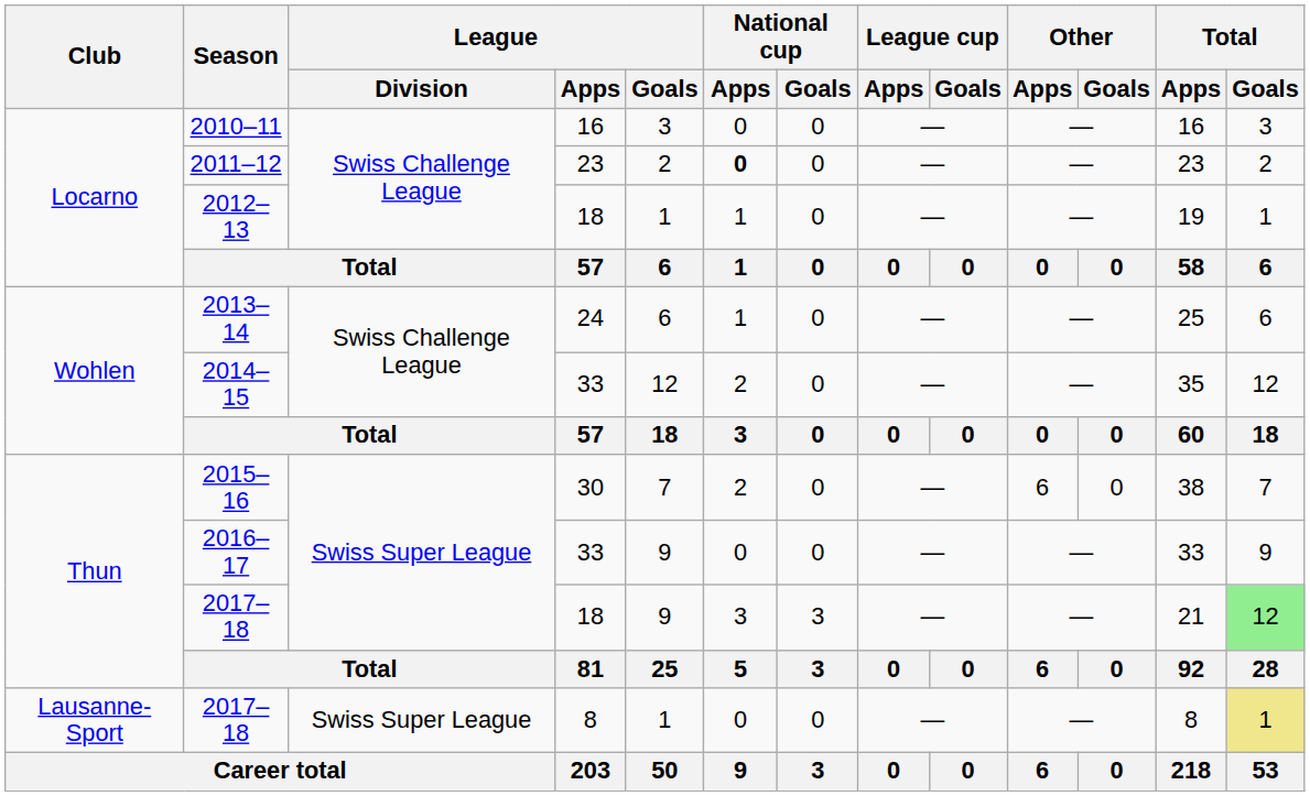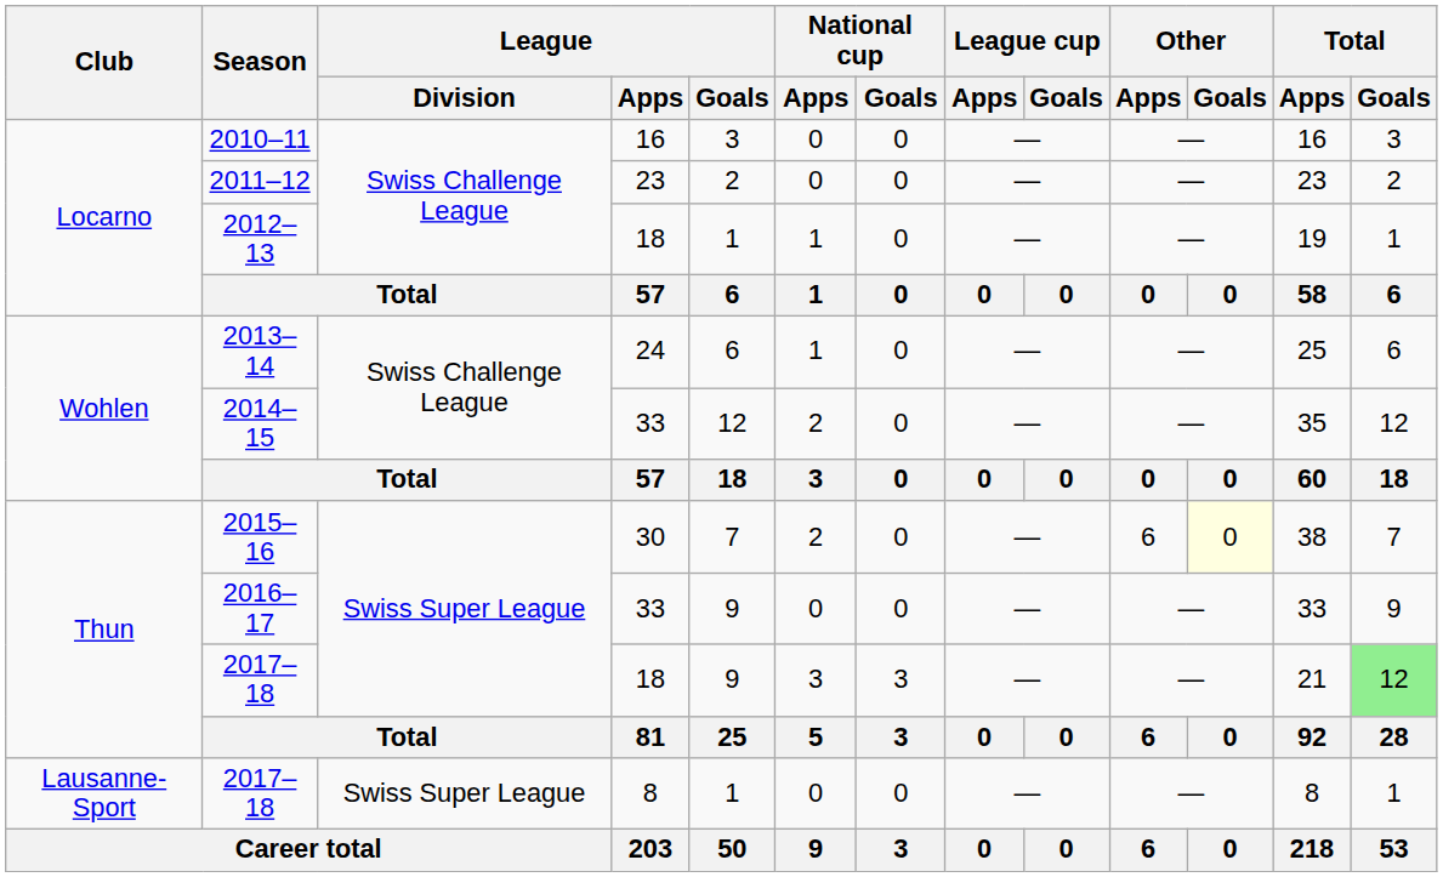 <table class="wikitable" style="text-align:center">
 <tr>
 <th rowspan="2">Club</th>
 <th rowspan="2">Season</th>
 <th colspan="3">League</th>
 <th colspan="2">National cup</th>
 <th colspan="2">League cup</th>
 <th colspan="2">Other</th>
 <th colspan="2">Total</th>
 </tr>
 <tr>
 <th>Division</th>
 <th>Apps</th>
 <th>Goals</th>
 <th>Apps</th>
 <th>Goals</th>
 <th>Apps</th>
 <th>Goals</th>
 <th>Apps</th>
 <th>Goals</th>
 <th>Apps</th>
 <th>Goals</th>
 </tr>
 <tr>
 <td rowspan="4"><a href='#'>Locarno</a></td>
 <td><a href='#'>2010–11</a></td>
 <td rowspan="3"><a href='#'>Swiss Challenge League</a></td>
 <td>16</td>
 <td>3</td>
 <td>0</td>
 <td>0</td>
 <td colspan="2">—</td>
 <td colspan="2">—</td>
 <td>16</td>
 <td>3</td>
 </tr>
 <tr>
 <td><a href='#'>2011–12</a></td>
 <td>23</td>
 <td>2</td>
-<td><strong>0</strong></td>
+<td>0</td>
 <td>0</td>
 <td colspan="2">—</td>
 <td colspan="2">—</td>
 <td>23</td>
 <td>2</td>
 </tr>
 <tr>
 <td><a href='#'>2012–13</a></td>
 <td>18</td>
 <td>1</td>
 <td>1</td>
 <td>0</td>
 <td colspan="2">—</td>
 <td colspan="2">—</td>
 <td>19</td>
 <td>1</td>
 </tr>
 <tr>
 <th colspan="2">Total</th>
 <th>57</th>
 <th>6</th>
 <th>1</th>
 <th>0</th>
 <th>0</th>
 <th>0</th>
 <th>0</th>
 <th>0</th>
 <th>58</th>
 <th>6</th>
 </tr>
 <tr>
 <td rowspan="3"><a href='#'>Wohlen</a></td>
 <td><a href='#'>2013–14</a></td>
 <td rowspan="2">Swiss Challenge League</td>
 <td>24</td>
 <td>6</td>
 <td>1</td>
 <td>0</td>
 <td colspan="2">—</td>
 <td colspan="2">—</td>
 <td>25</td>
 <td>6</td>
 </tr>
 <tr>
 <td><a href='#'>2014–15</a></td>
 <td>33</td>
 <td>12</td>
 <td>2</td>
 <td>0</td>
 <td colspan="2">—</td>
 <td colspan="2">—</td>
 <td>35</td>
 <td>12</td>
 </tr>
 <tr>
 <th colspan="2">Total</th>
 <th>57</th>
 <th>18</th>
 <th>3</th>
 <th>0</th>
 <th>0</th>
 <th>0</th>
 <th>0</th>
 <th>0</th>
 <th>60</th>
 <th>18</th>
 </tr>
 <tr>
 <td rowspan="4"><a href='#'>Thun</a></td>
 <td><a href='#'>2015–16</a></td>
 <td rowspan="3"><a href='#'>Swiss Super League</a></td>
 <td>30</td>
 <td>7</td>
 <td>2</td>
 <td>0</td>
 <td colspan="2">—</td>
 <td>6</td>
-<td>0</td>
+<td style="background: lightyellow;">0</td>
 <td>38</td>
 <td>7</td>
 </tr>
 <tr>
 <td><a href='#'>2016–17</a></td>
 <td>33</td>
 <td>9</td>
 <td>0</td>
 <td>0</td>
 <td colspan="2">—</td>
 <td colspan="2">—</td>
 <td>33</td>
 <td>9</td>
 </tr>
 <tr>
 <td><a href='#'>2017–18</a></td>
 <td>18</td>
 <td>9</td>
 <td>3</td>
 <td>3</td>
 <td colspan="2">—</td>
 <td colspan="2">—</td>
 <td>21</td>
 <td style="background: lightgreen;">12</td>
 </tr>
 <tr>
 <th colspan="2">Total</th>
 <th>81</th>
 <th>25</th>
 <th>5</th>
 <th>3</th>
 <th>0</th>
 <th>0</th>
 <th>6</th>
 <th>0</th>
 <th>92</th>
 <th>28</th>
 </tr>
 <tr>
 <td><a href='#'>Lausanne-Sport</a></td>
 <td><a href='#'>2017–18</a></td>
 <td>Swiss Super League</td>
 <td>8</td>
 <td>1</td>
 <td>0</td>
 <td>0</td>
 <td colspan="2">—</td>
 <td colspan="2">—</td>
 <td>8</td>
-<td style="background: khaki;">1</td>
+<td>1</td>
 </tr>
 <tr>
 <th colspan="3">Career total</th>
 <th>203</th>
 <th>50</th>
 <th>9</th>
 <th>3</th>
 <th>0</th>
 <th>0</th>
 <th>6</th>
 <th>0</th>
 <th>218</th>
 <th>53</th>
 </tr>
 </table>
